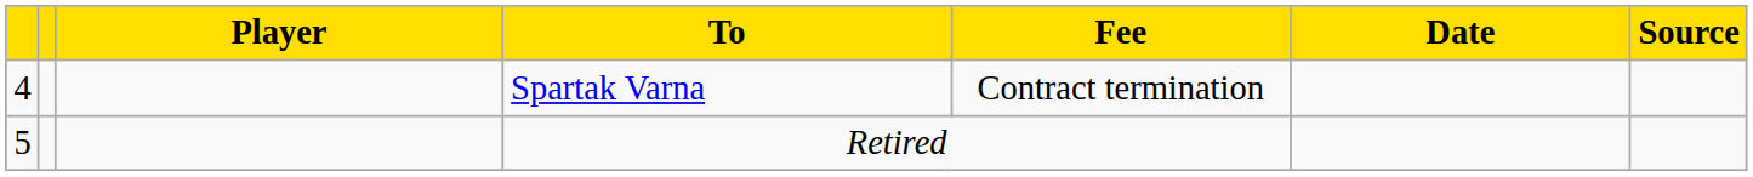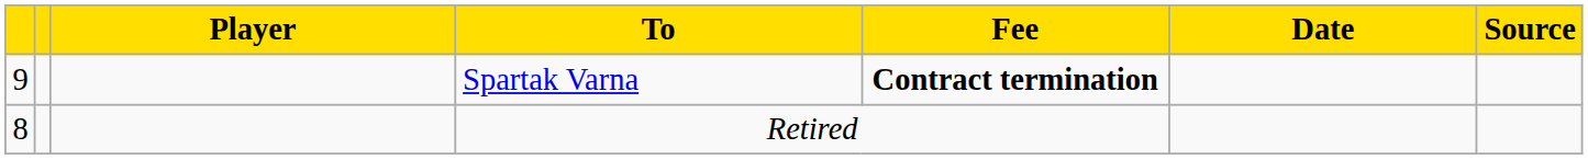 <table class="wikitable sortable">
 <tr>
 <th style="background:#FFDE00"></th>
 <th style="background:#FFDE00"></th>
 <th width=200 style="background:#FFDE00">Player</th>
 <th width=200 style="background:#FFDE00">To</th>
 <th width=150 style="background:#FFDE00">Fee</th>
 <th width=150 style="background:#FFDE00">Date</th>
 <th style="background:#FFDE00">Source</th>
 </tr>
 <tr>
-<td align=center>4</td>
+<td align=center>9</td>
 <td align=center></td>
 <td></td>
 <td> <a href='#'>Spartak Varna</a></td>
-<td align=center>Contract termination</td>
+<td align=center><strong>Contract termination</strong></td>
 <td align=center></td>
 <td align=center></td>
 </tr>
 <tr>
-<td align=center>5</td>
+<td align=center>8</td>
 <td align=center></td>
 <td></td>
 <td align=center colspan=2><em>Retired</em></td>
 <td align=center></td>
 <td align=center></td>
 </tr>
 </table>
